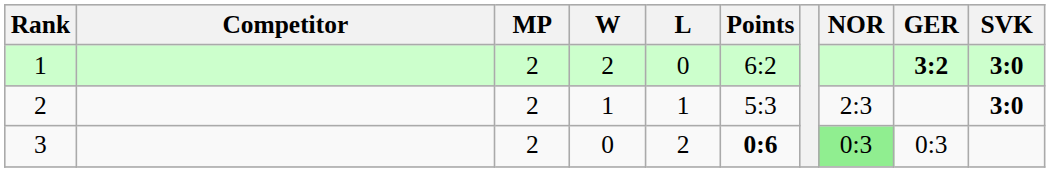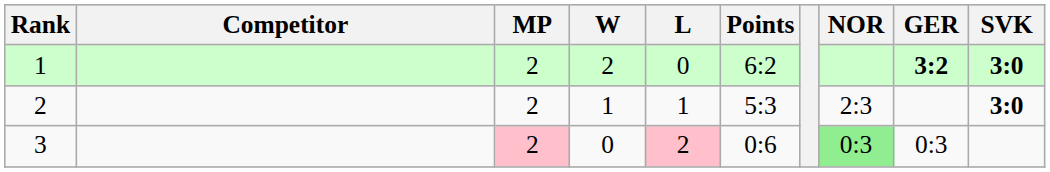 <table class="wikitable" style="text-align:center">
 <tr>
 <th>Rank</th>
 <th style="width:16em">Competitor</th>
 <th style="width:2.5em">MP</th>
 <th style="width:2.5em">W</th>
 <th style="width:2.5em">L</th>
 <th>Points</th>
 <th rowspan="4"> </th>
 <th style="width:2.5em">NOR</th>
 <th style="width:2.5em">GER</th>
 <th style="width:2.5em">SVK</th>
 </tr>
 <tr style="background:#cfc;">
 <td>1</td>
 <td style="text-align:left"></td>
 <td>2</td>
 <td>2</td>
 <td>0</td>
 <td>6:2</td>
 <td></td>
 <td><strong>3:2</strong></td>
 <td><strong>3:0</strong></td>
 </tr>
 <tr>
 <td>2</td>
 <td style="text-align:left"></td>
 <td>2</td>
 <td>1</td>
 <td>1</td>
 <td>5:3</td>
 <td>2:3</td>
 <td></td>
 <td><strong>3:0</strong></td>
 </tr>
 <tr>
 <td>3</td>
 <td style="text-align:left"></td>
-<td>2</td>
+<td style="background: pink;">2</td>
 <td>0</td>
-<td>2</td>
-<td><strong>0:6</strong></td>
+<td style="background: pink;">2</td>
+<td>0:6</td>
 <td style="background: lightgreen;">0:3</td>
 <td>0:3</td>
 <td></td>
 </tr>
 </table>
